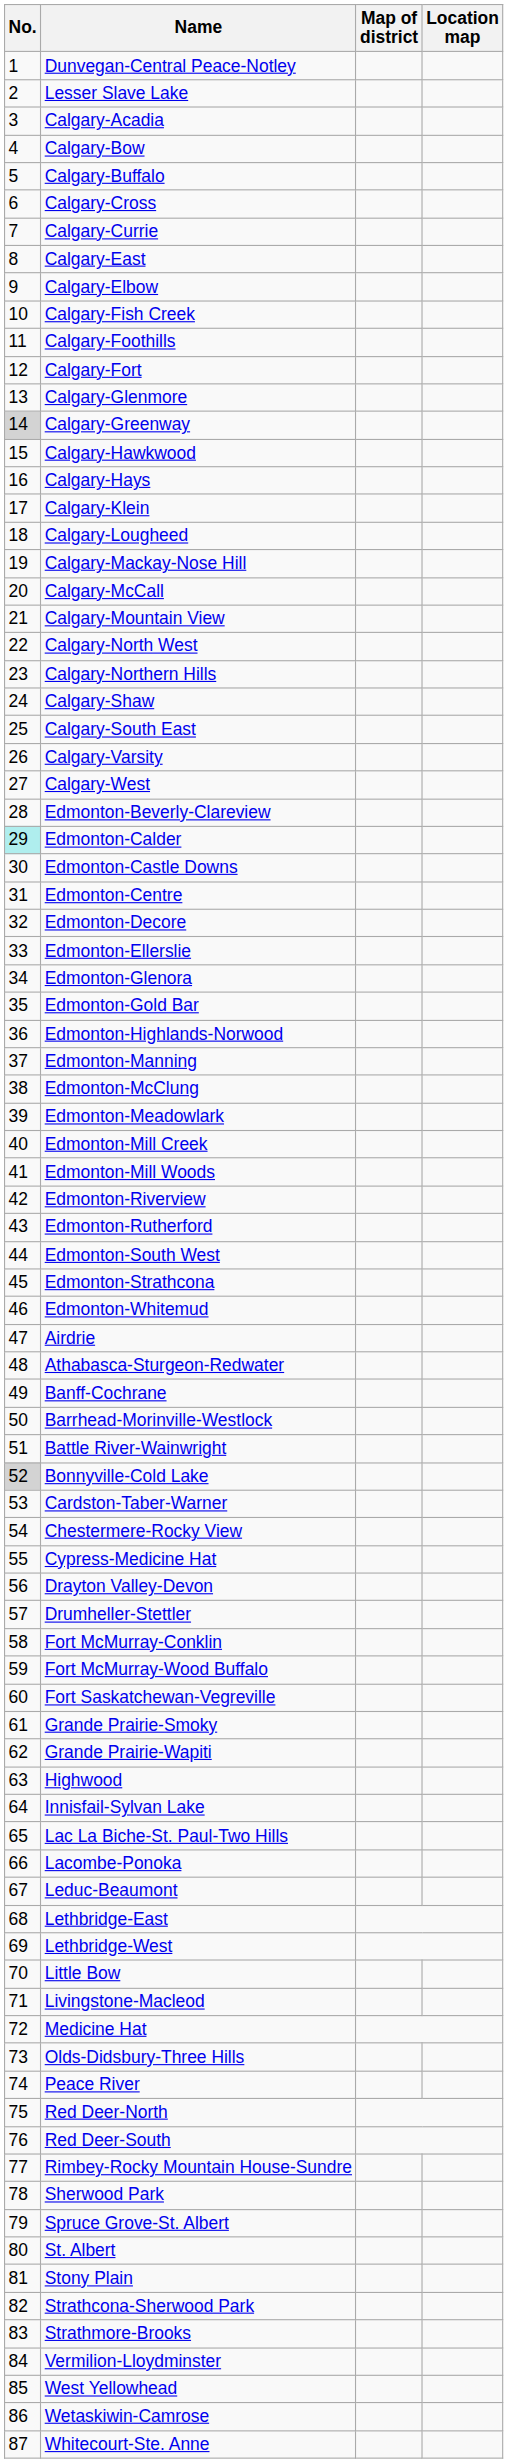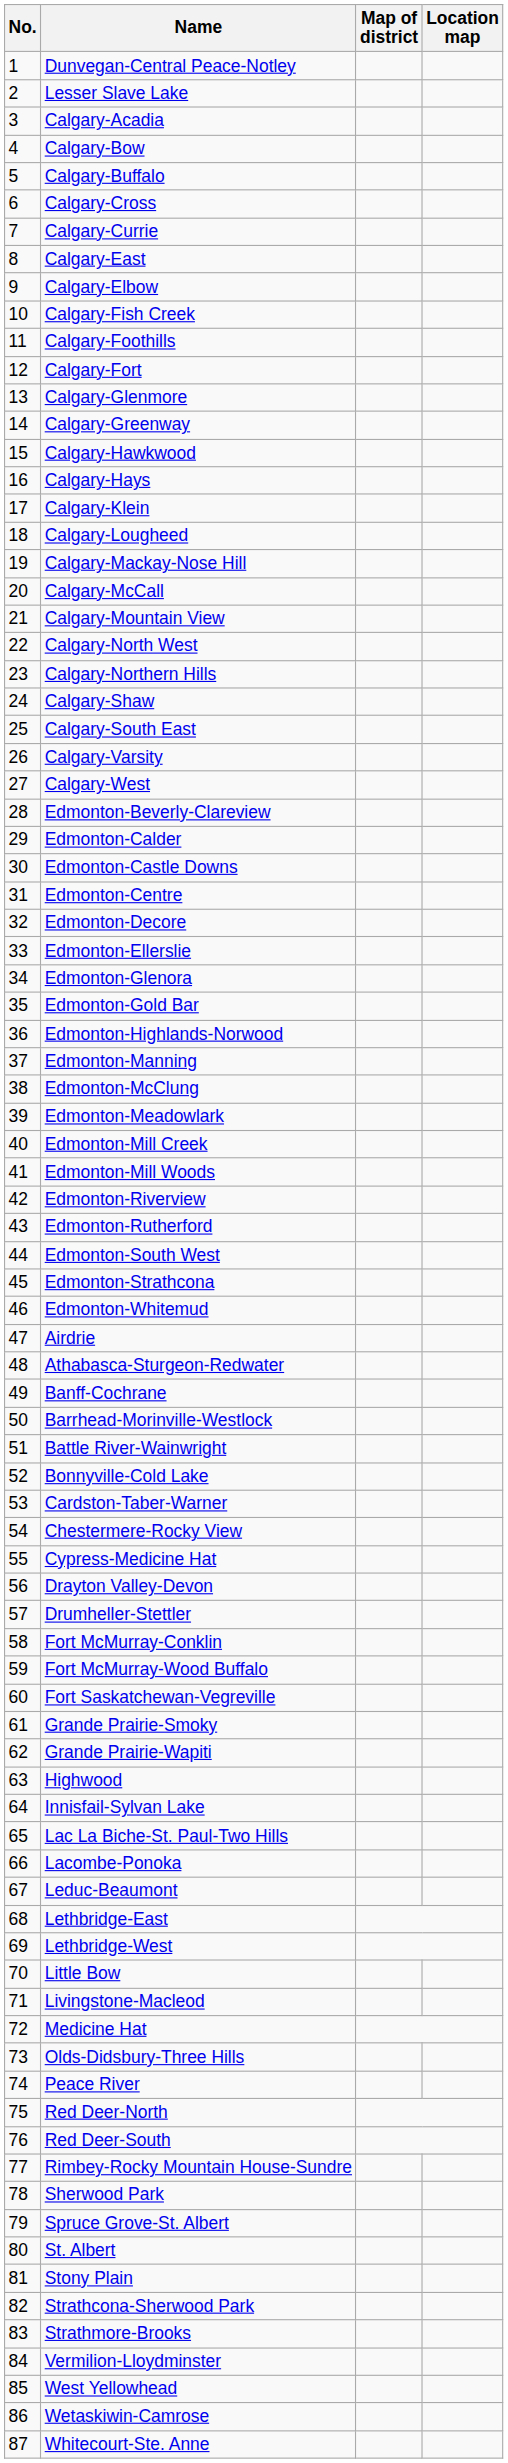 <table class="wikitable sortable">
 <tr>
 <th>No.</th>
 <th>Name</th>
 <th class="unsortable">Map of<br>district</th>
 <th class="unsortable">Location<br>map</th>
 </tr>
 <tr>
 <td>1</td>
 <td><a href='#'>Dunvegan-Central Peace-Notley</a></td>
 <td></td>
 <td></td>
 </tr>
 <tr>
 <td>2</td>
 <td><a href='#'>Lesser Slave Lake</a></td>
 <td></td>
 <td></td>
 </tr>
 <tr>
 <td>3</td>
 <td><a href='#'>Calgary-Acadia</a></td>
 <td></td>
 <td></td>
 </tr>
 <tr>
 <td>4</td>
 <td><a href='#'>Calgary-Bow</a></td>
 <td></td>
 <td></td>
 </tr>
 <tr>
 <td>5</td>
 <td><a href='#'>Calgary-Buffalo</a></td>
 <td></td>
 <td></td>
 </tr>
 <tr>
 <td>6</td>
 <td><a href='#'>Calgary-Cross</a></td>
 <td></td>
 <td></td>
 </tr>
 <tr>
 <td>7</td>
 <td><a href='#'>Calgary-Currie</a></td>
 <td></td>
 <td></td>
 </tr>
 <tr>
 <td>8</td>
 <td><a href='#'>Calgary-East</a></td>
 <td></td>
 <td></td>
 </tr>
 <tr>
 <td>9</td>
 <td><a href='#'>Calgary-Elbow</a></td>
 <td></td>
 <td></td>
 </tr>
 <tr>
 <td>10</td>
 <td><a href='#'>Calgary-Fish Creek</a></td>
 <td></td>
 <td></td>
 </tr>
 <tr>
 <td>11</td>
 <td><a href='#'>Calgary-Foothills</a></td>
 <td></td>
 <td></td>
 </tr>
 <tr>
 <td>12</td>
 <td><a href='#'>Calgary-Fort</a></td>
 <td></td>
 <td></td>
 </tr>
 <tr>
 <td>13</td>
 <td><a href='#'>Calgary-Glenmore</a></td>
 <td></td>
 <td></td>
 </tr>
 <tr>
-<td style="background: lightgrey;">14</td>
+<td>14</td>
 <td><a href='#'>Calgary-Greenway</a></td>
 <td></td>
 <td></td>
 </tr>
 <tr>
 <td>15</td>
 <td><a href='#'>Calgary-Hawkwood</a></td>
 <td></td>
 <td></td>
 </tr>
 <tr>
 <td>16</td>
 <td><a href='#'>Calgary-Hays</a></td>
 <td></td>
 <td></td>
 </tr>
 <tr>
 <td>17</td>
 <td><a href='#'>Calgary-Klein</a></td>
 <td></td>
 <td></td>
 </tr>
 <tr>
 <td>18</td>
 <td><a href='#'>Calgary-Lougheed</a></td>
 <td></td>
 <td></td>
 </tr>
 <tr>
 <td>19</td>
 <td><a href='#'>Calgary-Mackay-Nose Hill</a></td>
 <td></td>
 <td></td>
 </tr>
 <tr>
 <td>20</td>
 <td><a href='#'>Calgary-McCall</a></td>
 <td></td>
 <td></td>
 </tr>
 <tr>
 <td>21</td>
 <td><a href='#'>Calgary-Mountain View</a></td>
 <td></td>
 <td></td>
 </tr>
 <tr>
 <td>22</td>
 <td><a href='#'>Calgary-North West</a></td>
 <td></td>
 <td></td>
 </tr>
 <tr>
 <td>23</td>
 <td><a href='#'>Calgary-Northern Hills</a></td>
 <td></td>
 <td></td>
 </tr>
 <tr>
 <td>24</td>
 <td><a href='#'>Calgary-Shaw</a></td>
 <td></td>
 <td></td>
 </tr>
 <tr>
 <td>25</td>
 <td><a href='#'>Calgary-South East</a></td>
 <td></td>
 <td></td>
 </tr>
 <tr>
 <td>26</td>
 <td><a href='#'>Calgary-Varsity</a></td>
 <td></td>
 <td></td>
 </tr>
 <tr>
 <td>27</td>
 <td><a href='#'>Calgary-West</a></td>
 <td></td>
 <td></td>
 </tr>
 <tr>
 <td>28</td>
 <td><a href='#'>Edmonton-Beverly-Clareview</a></td>
 <td></td>
 <td></td>
 </tr>
 <tr>
-<td style="background: paleturquoise;">29</td>
+<td>29</td>
 <td><a href='#'>Edmonton-Calder</a></td>
 <td></td>
 <td></td>
 </tr>
 <tr>
 <td>30</td>
 <td><a href='#'>Edmonton-Castle Downs</a></td>
 <td></td>
 <td></td>
 </tr>
 <tr>
 <td>31</td>
 <td><a href='#'>Edmonton-Centre</a></td>
 <td></td>
 <td></td>
 </tr>
 <tr>
 <td>32</td>
 <td><a href='#'>Edmonton-Decore</a></td>
 <td></td>
 <td></td>
 </tr>
 <tr>
 <td>33</td>
 <td><a href='#'>Edmonton-Ellerslie</a></td>
 <td></td>
 <td></td>
 </tr>
 <tr>
 <td>34</td>
 <td><a href='#'>Edmonton-Glenora</a></td>
 <td></td>
 <td></td>
 </tr>
 <tr>
 <td>35</td>
 <td><a href='#'>Edmonton-Gold Bar</a></td>
 <td></td>
 <td></td>
 </tr>
 <tr>
 <td>36</td>
 <td><a href='#'>Edmonton-Highlands-Norwood</a></td>
 <td></td>
 <td></td>
 </tr>
 <tr>
 <td>37</td>
 <td><a href='#'>Edmonton-Manning</a></td>
 <td></td>
 <td></td>
 </tr>
 <tr>
 <td>38</td>
 <td><a href='#'>Edmonton-McClung</a></td>
 <td></td>
 <td></td>
 </tr>
 <tr>
 <td>39</td>
 <td><a href='#'>Edmonton-Meadowlark</a></td>
 <td></td>
 <td></td>
 </tr>
 <tr>
 <td>40</td>
 <td><a href='#'>Edmonton-Mill Creek</a></td>
 <td></td>
 <td></td>
 </tr>
 <tr>
 <td>41</td>
 <td><a href='#'>Edmonton-Mill Woods</a></td>
 <td></td>
 <td></td>
 </tr>
 <tr>
 <td>42</td>
 <td><a href='#'>Edmonton-Riverview</a></td>
 <td></td>
 <td></td>
 </tr>
 <tr>
 <td>43</td>
 <td><a href='#'>Edmonton-Rutherford</a></td>
 <td></td>
 <td></td>
 </tr>
 <tr>
 <td>44</td>
 <td><a href='#'>Edmonton-South West</a></td>
 <td></td>
 <td></td>
 </tr>
 <tr>
 <td>45</td>
 <td><a href='#'>Edmonton-Strathcona</a></td>
 <td></td>
 <td></td>
 </tr>
 <tr>
 <td>46</td>
 <td><a href='#'>Edmonton-Whitemud</a></td>
 <td></td>
 <td></td>
 </tr>
 <tr>
 <td>47</td>
 <td><a href='#'>Airdrie</a></td>
 <td></td>
 <td></td>
 </tr>
 <tr>
 <td>48</td>
 <td><a href='#'>Athabasca-Sturgeon-Redwater</a></td>
 <td></td>
 <td></td>
 </tr>
 <tr>
 <td>49</td>
 <td><a href='#'>Banff-Cochrane</a></td>
 <td></td>
 <td></td>
 </tr>
 <tr>
 <td>50</td>
 <td><a href='#'>Barrhead-Morinville-Westlock</a></td>
 <td></td>
 <td></td>
 </tr>
 <tr>
 <td>51</td>
 <td><a href='#'>Battle River-Wainwright</a></td>
 <td></td>
 <td></td>
 </tr>
 <tr>
-<td style="background: lightgrey;">52</td>
+<td>52</td>
 <td><a href='#'>Bonnyville-Cold Lake</a></td>
 <td></td>
 <td></td>
 </tr>
 <tr>
 <td>53</td>
 <td><a href='#'>Cardston-Taber-Warner</a></td>
 <td></td>
 <td></td>
 </tr>
 <tr>
 <td>54</td>
 <td><a href='#'>Chestermere-Rocky View</a></td>
 <td></td>
 <td></td>
 </tr>
 <tr>
 <td>55</td>
 <td><a href='#'>Cypress-Medicine Hat</a></td>
 <td></td>
 <td></td>
 </tr>
 <tr>
 <td>56</td>
 <td><a href='#'>Drayton Valley-Devon</a></td>
 <td></td>
 <td></td>
 </tr>
 <tr>
 <td>57</td>
 <td><a href='#'>Drumheller-Stettler</a></td>
 <td></td>
 <td></td>
 </tr>
 <tr>
 <td>58</td>
 <td><a href='#'>Fort McMurray-Conklin</a></td>
 <td></td>
 <td></td>
 </tr>
 <tr>
 <td>59</td>
 <td><a href='#'>Fort McMurray-Wood Buffalo</a></td>
 <td></td>
 <td></td>
 </tr>
 <tr>
 <td>60</td>
 <td><a href='#'>Fort Saskatchewan-Vegreville</a></td>
 <td></td>
 <td></td>
 </tr>
 <tr>
 <td>61</td>
 <td><a href='#'>Grande Prairie-Smoky</a></td>
 <td></td>
 <td></td>
 </tr>
 <tr>
 <td>62</td>
 <td><a href='#'>Grande Prairie-Wapiti</a></td>
 <td></td>
 <td></td>
 </tr>
 <tr>
 <td>63</td>
 <td><a href='#'>Highwood</a></td>
 <td></td>
 <td></td>
 </tr>
 <tr>
 <td>64</td>
 <td><a href='#'>Innisfail-Sylvan Lake</a></td>
 <td></td>
 <td></td>
 </tr>
 <tr>
 <td>65</td>
 <td><a href='#'>Lac La Biche-St. Paul-Two Hills</a></td>
 <td></td>
 <td></td>
 </tr>
 <tr>
 <td>66</td>
 <td><a href='#'>Lacombe-Ponoka</a></td>
 <td></td>
 <td></td>
 </tr>
 <tr>
 <td>67</td>
 <td><a href='#'>Leduc-Beaumont</a></td>
 <td></td>
 <td></td>
 </tr>
 <tr>
 <td>68</td>
 <td><a href='#'>Lethbridge-East</a></td>
 <td colspan=2></td>
 </tr>
 <tr>
 <td>69</td>
 <td><a href='#'>Lethbridge-West</a></td>
 <td colspan=2></td>
 </tr>
 <tr>
 <td>70</td>
 <td><a href='#'>Little Bow</a></td>
 <td></td>
 <td></td>
 </tr>
 <tr>
 <td>71</td>
 <td><a href='#'>Livingstone-Macleod</a></td>
 <td></td>
 <td></td>
 </tr>
 <tr>
 <td>72</td>
 <td><a href='#'>Medicine Hat</a></td>
 <td colspan=2></td>
 </tr>
 <tr>
 <td>73</td>
 <td><a href='#'>Olds-Didsbury-Three Hills</a></td>
 <td></td>
 <td></td>
 </tr>
 <tr>
 <td>74</td>
 <td><a href='#'>Peace River</a></td>
 <td></td>
 <td></td>
 </tr>
 <tr>
 <td>75</td>
 <td><a href='#'>Red Deer-North</a></td>
 <td colspan=2></td>
 </tr>
 <tr>
 <td>76</td>
 <td><a href='#'>Red Deer-South</a></td>
 <td colspan=2></td>
 </tr>
 <tr>
 <td>77</td>
 <td><a href='#'>Rimbey-Rocky Mountain House-Sundre</a></td>
 <td></td>
 <td></td>
 </tr>
 <tr>
 <td>78</td>
 <td><a href='#'>Sherwood Park</a></td>
 <td></td>
 <td></td>
 </tr>
 <tr>
 <td>79</td>
 <td><a href='#'>Spruce Grove-St. Albert</a></td>
 <td></td>
 <td></td>
 </tr>
 <tr>
 <td>80</td>
 <td><a href='#'>St. Albert</a></td>
 <td></td>
 <td></td>
 </tr>
 <tr>
 <td>81</td>
 <td><a href='#'>Stony Plain</a></td>
 <td></td>
 <td></td>
 </tr>
 <tr>
 <td>82</td>
 <td><a href='#'>Strathcona-Sherwood Park</a></td>
 <td></td>
 <td></td>
 </tr>
 <tr>
 <td>83</td>
 <td><a href='#'>Strathmore-Brooks</a></td>
 <td></td>
 <td></td>
 </tr>
 <tr>
 <td>84</td>
 <td><a href='#'>Vermilion-Lloydminster</a></td>
 <td></td>
 <td></td>
 </tr>
 <tr>
 <td>85</td>
 <td><a href='#'>West Yellowhead</a></td>
 <td></td>
 <td></td>
 </tr>
 <tr>
 <td>86</td>
 <td><a href='#'>Wetaskiwin-Camrose</a></td>
 <td></td>
 <td></td>
 </tr>
 <tr>
 <td>87</td>
 <td><a href='#'>Whitecourt-Ste. Anne</a></td>
 <td></td>
 <td></td>
 </tr>
 </table>
